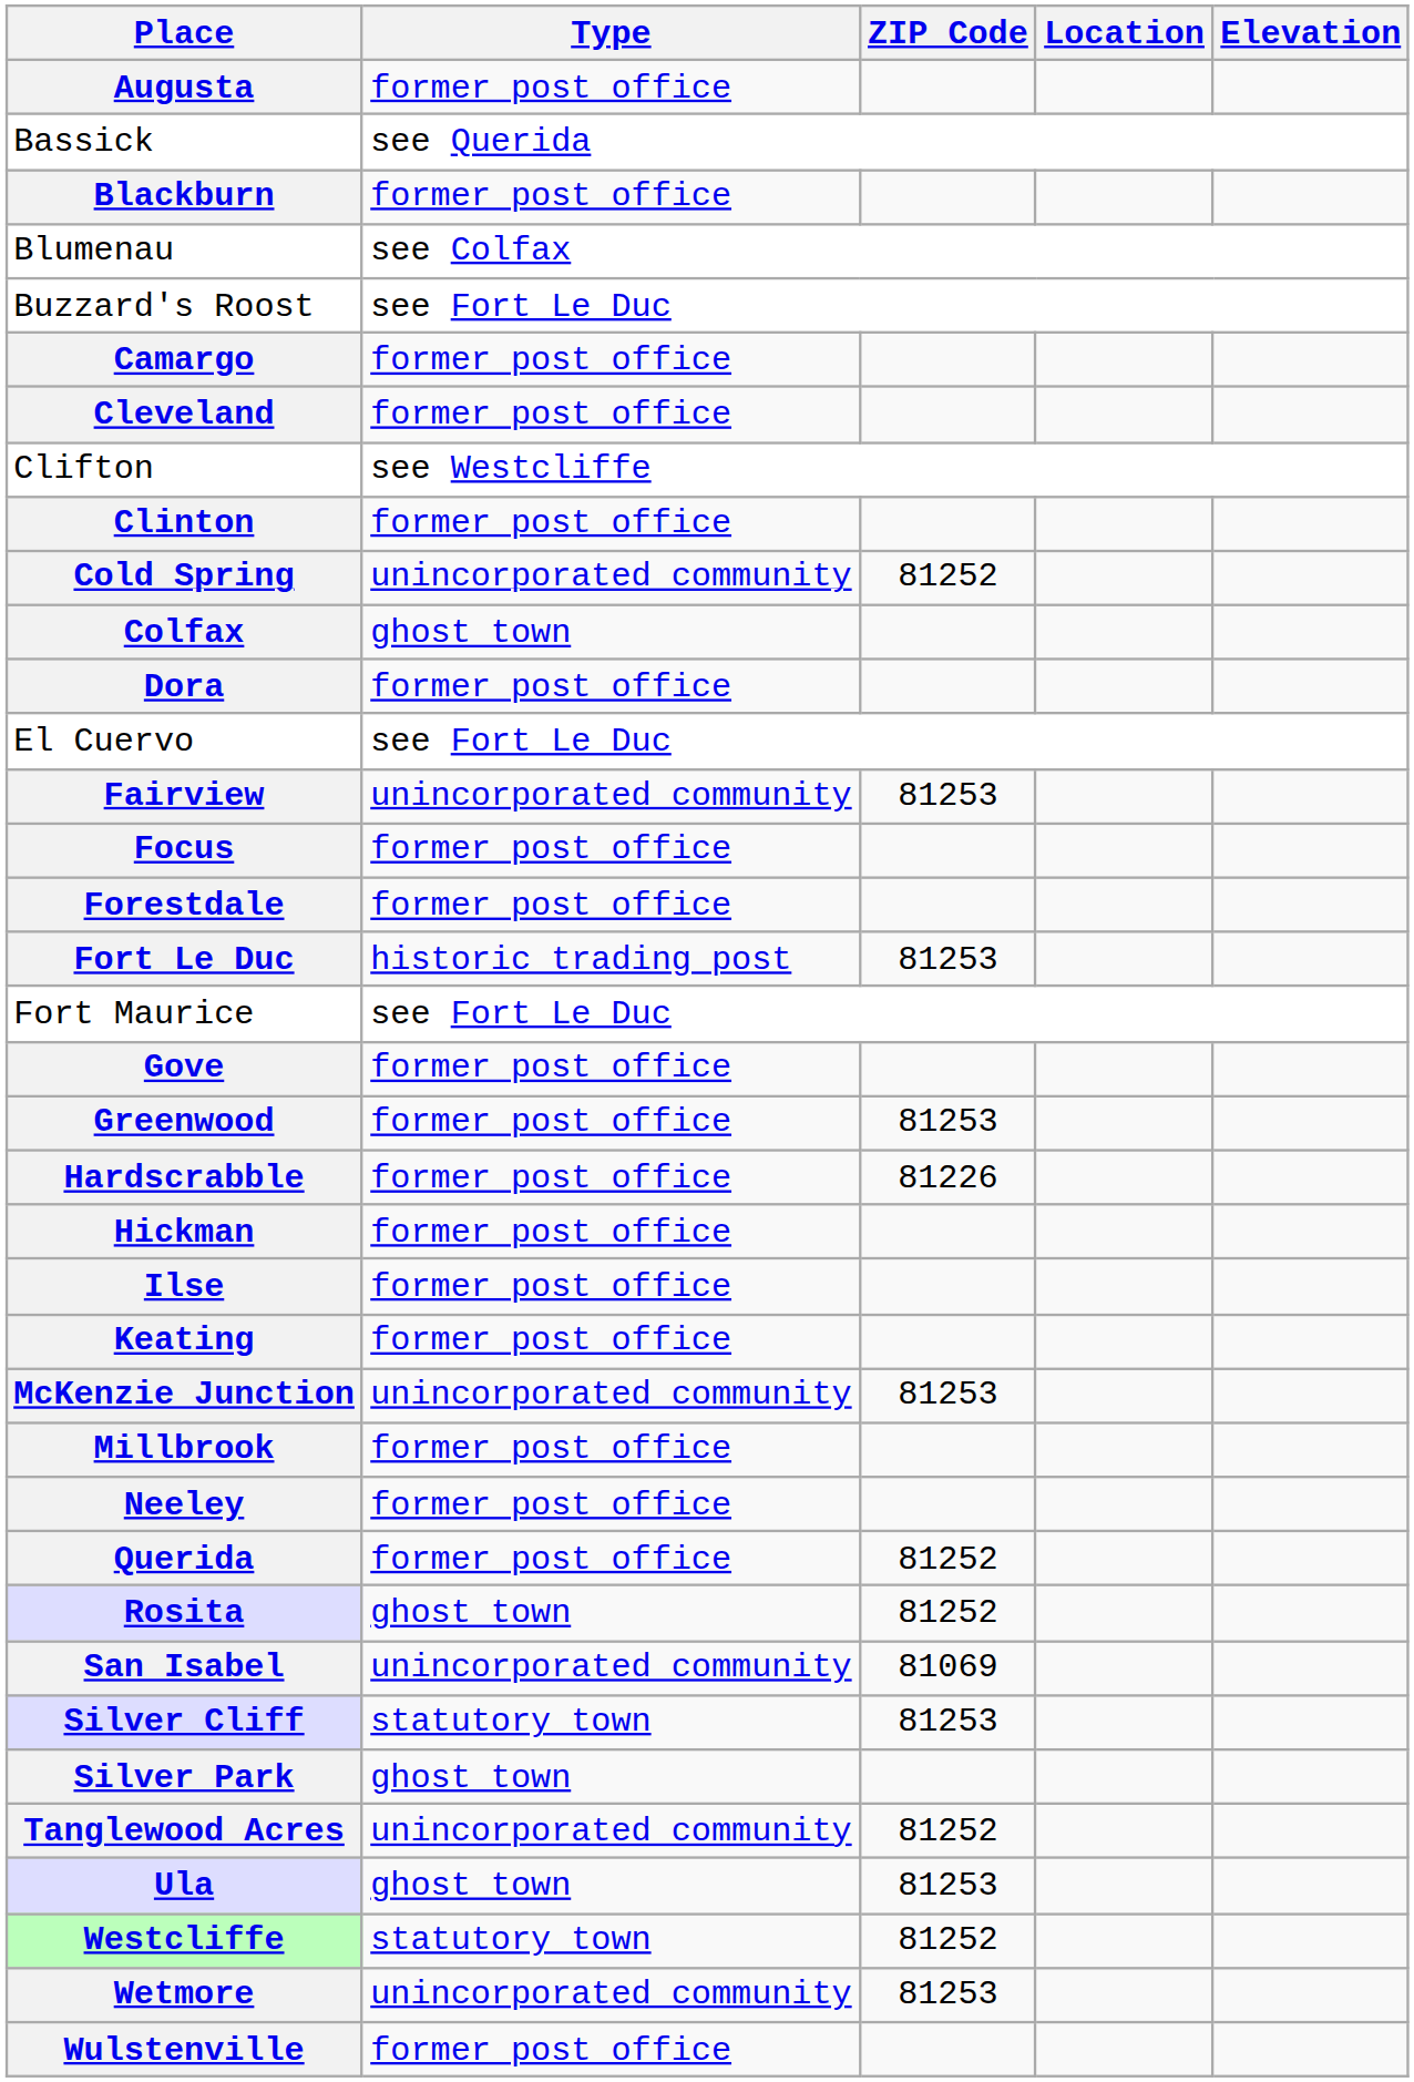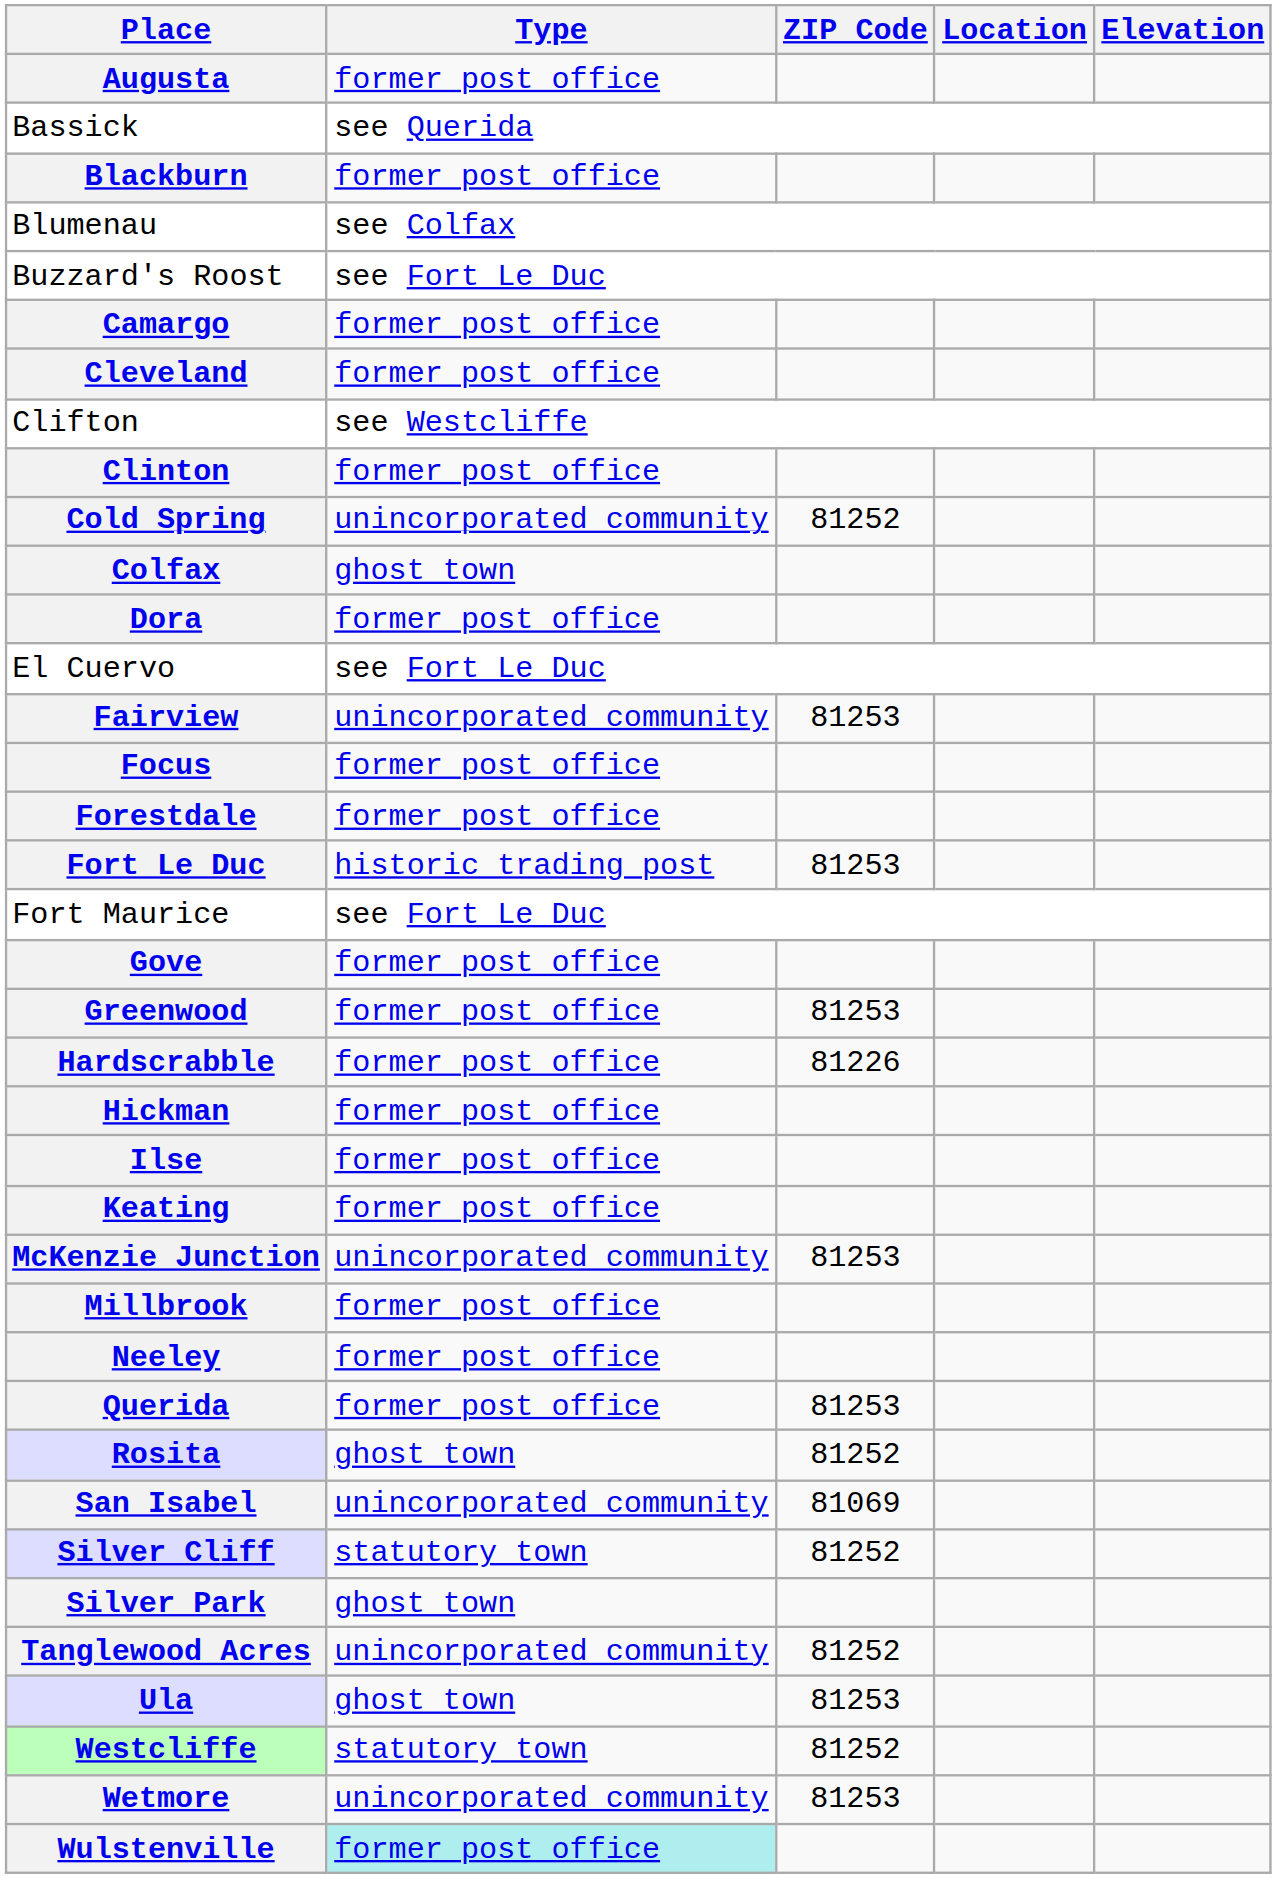 <table class="wikitable sortable  plainrowheaders" style="margin:auto;">
 <tr>
 <th scope=col><a href='#'>Place</a></th>
 <th scope=col><a href='#'>Type</a></th>
 <th scope=col><a href='#'>ZIP Code</a></th>
 <th scope=col><a href='#'>Location</a></th>
 <th scope=col><a href='#'>Elevation</a></th>
 </tr>
 <tr>
 <th scope=row><a href='#'>Augusta</a></th>
 <td><a href='#'>former post office</a></td>
 <td align=center></td>
 <td></td>
 <td></td>
 </tr>
 <tr bgcolor=white>
 <td>Bassick</td>
 <td colspan=4>see <a href='#'>Querida</a></td>
 </tr>
 <tr>
 <th scope=row><a href='#'>Blackburn</a></th>
 <td><a href='#'>former post office</a></td>
 <td align=center></td>
 <td></td>
 <td></td>
 </tr>
 <tr bgcolor=white>
 <td>Blumenau</td>
 <td colspan=4>see <a href='#'>Colfax</a></td>
 </tr>
 <tr bgcolor=white>
 <td>Buzzard's Roost</td>
 <td colspan=4>see <a href='#'>Fort Le Duc</a></td>
 </tr>
 <tr>
 <th scope=row><a href='#'>Camargo</a></th>
 <td><a href='#'>former post office</a></td>
 <td align=center></td>
 <td></td>
 <td></td>
 </tr>
 <tr>
 <th scope=row><a href='#'>Cleveland</a></th>
 <td><a href='#'>former post office</a></td>
 <td align=center></td>
 <td></td>
 <td></td>
 </tr>
 <tr bgcolor=white>
 <td>Clifton</td>
 <td colspan=4>see <a href='#'>Westcliffe</a></td>
 </tr>
 <tr>
 <th scope=row><a href='#'>Clinton</a></th>
 <td><a href='#'>former post office</a></td>
 <td align=center></td>
 <td></td>
 <td></td>
 </tr>
 <tr>
 <th scope=row><a href='#'>Cold Spring</a></th>
 <td><a href='#'>unincorporated community</a></td>
 <td align=center>81252</td>
 <td></td>
 <td align=right></td>
 </tr>
 <tr>
 <th scope=row><a href='#'>Colfax</a></th>
 <td><a href='#'>ghost town</a></td>
 <td align=center></td>
 <td></td>
 <td></td>
 </tr>
 <tr>
 <th scope=row><a href='#'>Dora</a></th>
 <td><a href='#'>former post office</a></td>
 <td align=center></td>
 <td></td>
 <td></td>
 </tr>
 <tr bgcolor=white>
 <td>El Cuervo</td>
 <td colspan=4>see <a href='#'>Fort Le Duc</a></td>
 </tr>
 <tr>
 <th scope=row><a href='#'>Fairview</a></th>
 <td><a href='#'>unincorporated community</a></td>
 <td align=center>81253</td>
 <td></td>
 <td align=right></td>
 </tr>
 <tr>
 <th scope=row><a href='#'>Focus</a></th>
 <td><a href='#'>former post office</a></td>
 <td align=center></td>
 <td></td>
 <td></td>
 </tr>
 <tr>
 <th scope=row><a href='#'>Forestdale</a></th>
 <td><a href='#'>former post office</a></td>
 <td align=center></td>
 <td></td>
 <td></td>
 </tr>
 <tr>
 <th scope=row><a href='#'>Fort Le Duc</a></th>
 <td><a href='#'>historic trading post</a></td>
 <td align=center>81253</td>
 <td></td>
 <td></td>
 </tr>
 <tr bgcolor=white>
 <td>Fort Maurice</td>
 <td colspan=4>see <a href='#'>Fort Le Duc</a></td>
 </tr>
 <tr>
 <th scope=row><a href='#'>Gove</a></th>
 <td><a href='#'>former post office</a></td>
 <td align=center></td>
 <td></td>
 <td></td>
 </tr>
 <tr>
 <th scope=row><a href='#'>Greenwood</a></th>
 <td><a href='#'>former post office</a></td>
 <td align=center>81253</td>
 <td></td>
 <td align=right></td>
 </tr>
 <tr>
 <th scope=row><a href='#'>Hardscrabble</a></th>
 <td><a href='#'>former post office</a></td>
 <td align=center>81226</td>
 <td></td>
 <td></td>
 </tr>
 <tr>
 <th scope=row><a href='#'>Hickman</a></th>
 <td><a href='#'>former post office</a></td>
 <td align=center></td>
 <td></td>
 <td></td>
 </tr>
 <tr>
 <th scope=row><a href='#'>Ilse</a></th>
 <td><a href='#'>former post office</a></td>
 <td align=center></td>
 <td></td>
 <td></td>
 </tr>
 <tr>
 <th scope=row><a href='#'>Keating</a></th>
 <td><a href='#'>former post office</a></td>
 <td align=center></td>
 <td></td>
 <td></td>
 </tr>
 <tr>
 <th scope=row><a href='#'>McKenzie Junction</a></th>
 <td><a href='#'>unincorporated community</a></td>
 <td align=center>81253</td>
 <td></td>
 <td align=right></td>
 </tr>
 <tr>
 <th scope=row><a href='#'>Millbrook</a></th>
 <td><a href='#'>former post office</a></td>
 <td align=center></td>
 <td></td>
 <td></td>
 </tr>
 <tr>
 <th scope=row><a href='#'>Neeley</a></th>
 <td><a href='#'>former post office</a></td>
 <td align=center></td>
 <td></td>
 <td></td>
 </tr>
 <tr>
 <th scope=row><a href='#'>Querida</a></th>
 <td><a href='#'>former post office</a></td>
-<td align=center>81252</td>
+<td align=center>81253</td>
 <td></td>
 <td align=right></td>
 </tr>
 <tr>
 <th scope=row style="background:#DDDDFF;"><a href='#'>Rosita</a></th>
 <td><a href='#'>ghost town</a></td>
 <td align=center>81252</td>
 <td></td>
 <td align=right></td>
 </tr>
 <tr>
 <th scope=row><a href='#'>San Isabel</a></th>
 <td><a href='#'>unincorporated community</a></td>
 <td align=center>81069</td>
 <td></td>
 <td align=right></td>
 </tr>
 <tr>
 <th scope=row style="background:#DDDDFF;"><a href='#'>Silver Cliff</a></th>
 <td><a href='#'>statutory town</a></td>
-<td align=center>81253</td>
+<td align=center>81252</td>
 <td></td>
 <td align=right></td>
 </tr>
 <tr>
 <th scope=row><a href='#'>Silver Park</a></th>
 <td><a href='#'>ghost town</a></td>
 <td align=center></td>
 <td></td>
 <td></td>
 </tr>
 <tr>
 <th scope=row><a href='#'>Tanglewood Acres</a></th>
 <td><a href='#'>unincorporated community</a></td>
 <td align=center>81252</td>
 <td></td>
 <td align=right></td>
 </tr>
 <tr>
 <th scope=row style="background:#DDDDFF;"><a href='#'>Ula</a></th>
 <td><a href='#'>ghost town</a></td>
 <td align=center>81253</td>
 <td></td>
 <td align=right></td>
 </tr>
 <tr>
 <th scope=row style="background:#BBFFBB;"><a href='#'>Westcliffe</a></th>
 <td><a href='#'>statutory town</a></td>
 <td align=center>81252</td>
 <td></td>
 <td align=right></td>
 </tr>
 <tr>
 <th scope=row><a href='#'>Wetmore</a></th>
 <td><a href='#'>unincorporated community</a></td>
 <td align=center>81253</td>
 <td></td>
 <td align=right></td>
 </tr>
 <tr>
 <th scope=row><a href='#'>Wulstenville</a></th>
-<td><a href='#'>former post office</a></td>
+<td style="background: paleturquoise;"><a href='#'>former post office</a></td>
 <td align=center></td>
 <td></td>
 <td></td>
 </tr>
 </table>
